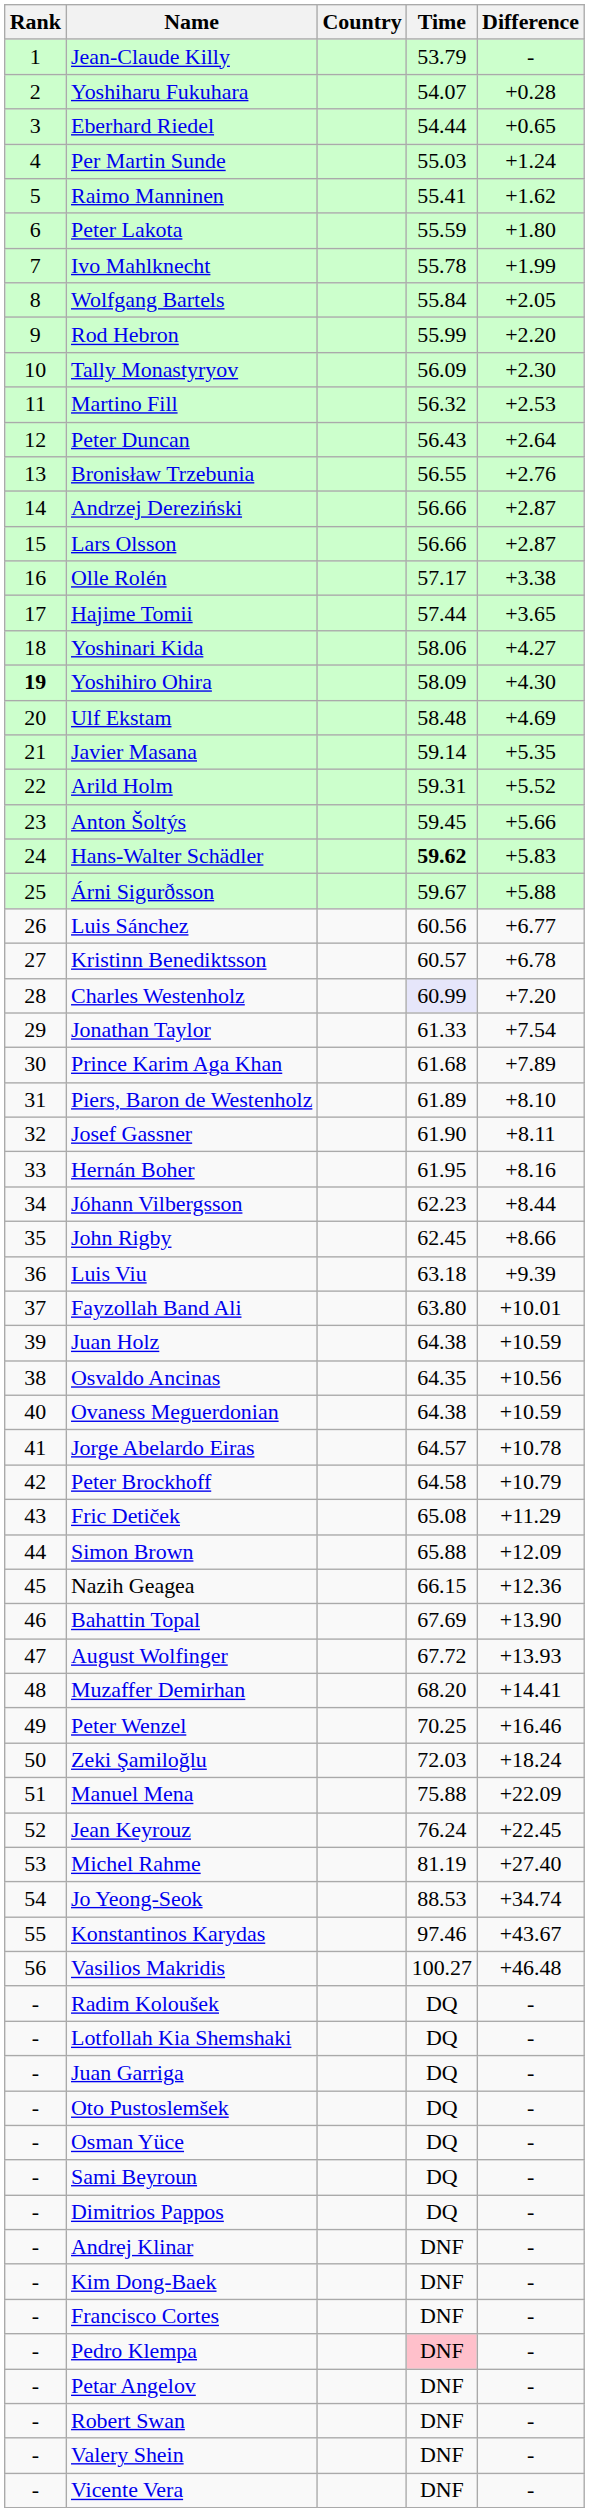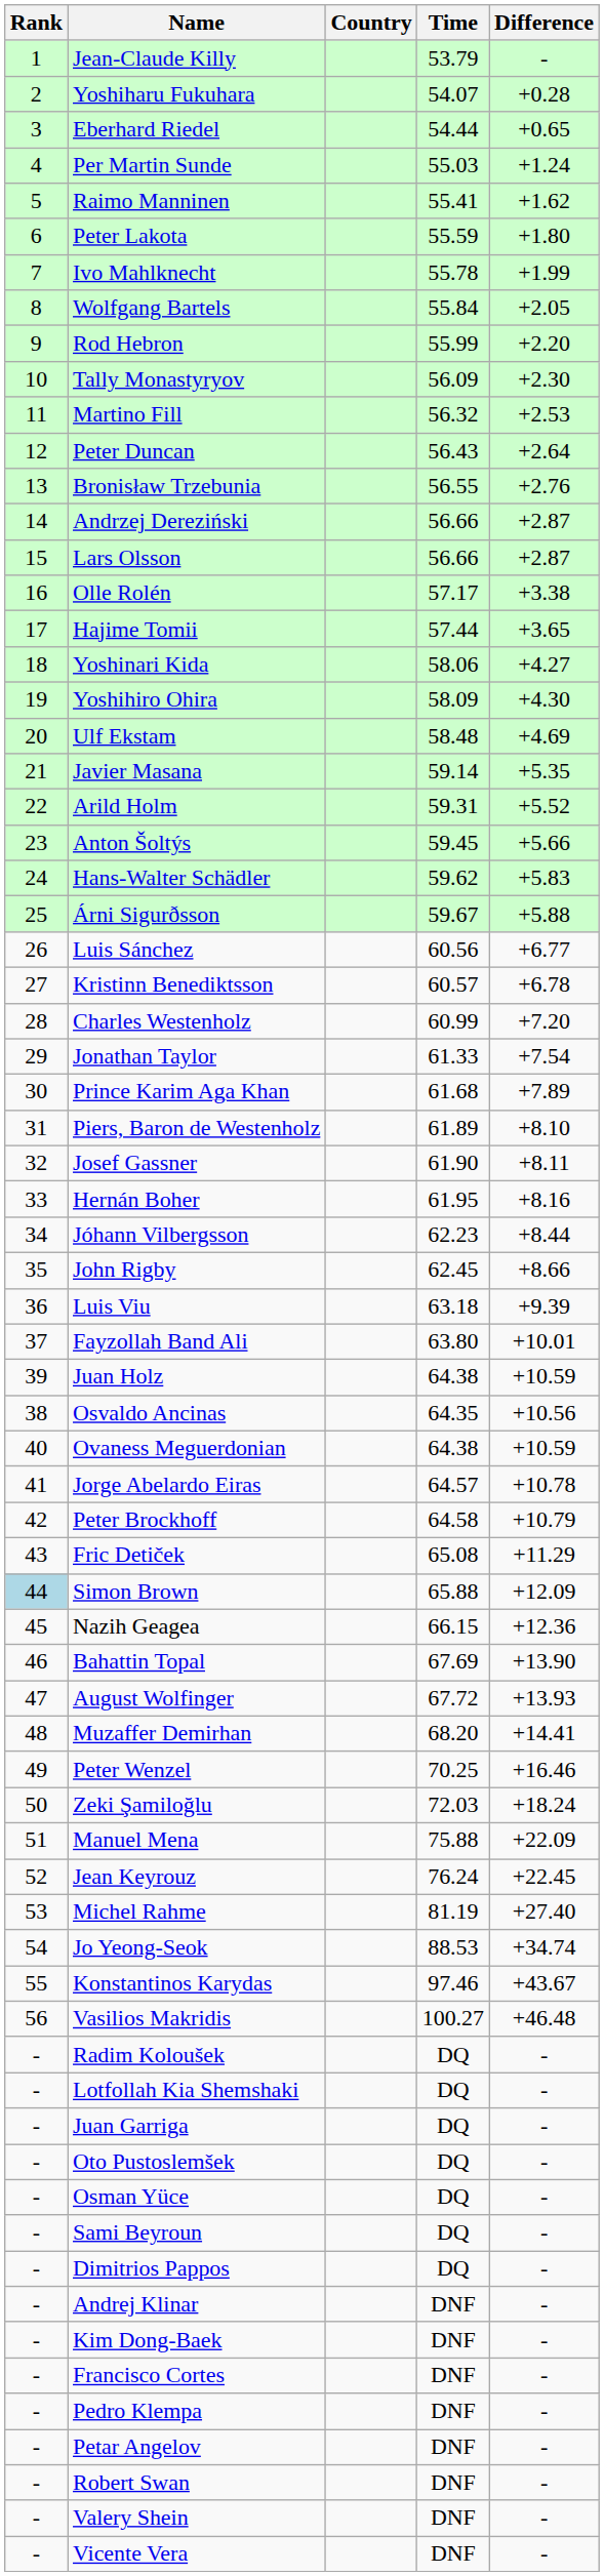 <table class="wikitable sortable" style="text-align:center">
 <tr>
 <th>Rank</th>
 <th>Name</th>
 <th>Country</th>
 <th>Time</th>
 <th>Difference</th>
 </tr>
 <tr style="background:#cfc;">
 <td>1</td>
 <td align=left><a href='#'>Jean-Claude Killy</a></td>
 <td align=left></td>
 <td>53.79</td>
 <td>-</td>
 </tr>
 <tr style="background:#cfc;">
 <td>2</td>
 <td align=left><a href='#'>Yoshiharu Fukuhara</a></td>
 <td align=left></td>
 <td>54.07</td>
 <td>+0.28</td>
 </tr>
 <tr style="background:#cfc;">
 <td>3</td>
 <td align=left><a href='#'>Eberhard Riedel</a></td>
 <td align=left></td>
 <td>54.44</td>
 <td>+0.65</td>
 </tr>
 <tr style="background:#cfc;">
 <td>4</td>
 <td align=left><a href='#'>Per Martin Sunde</a></td>
 <td align=left></td>
 <td>55.03</td>
 <td>+1.24</td>
 </tr>
 <tr style="background:#cfc;">
 <td>5</td>
 <td align=left><a href='#'>Raimo Manninen</a></td>
 <td align=left></td>
 <td>55.41</td>
 <td>+1.62</td>
 </tr>
 <tr style="background:#cfc;">
 <td>6</td>
 <td align=left><a href='#'>Peter Lakota</a></td>
 <td align=left></td>
 <td>55.59</td>
 <td>+1.80</td>
 </tr>
 <tr style="background:#cfc;">
 <td>7</td>
 <td align=left><a href='#'>Ivo Mahlknecht</a></td>
 <td align=left></td>
 <td>55.78</td>
 <td>+1.99</td>
 </tr>
 <tr style="background:#cfc;">
 <td>8</td>
 <td align=left><a href='#'>Wolfgang Bartels</a></td>
 <td align=left></td>
 <td>55.84</td>
 <td>+2.05</td>
 </tr>
 <tr style="background:#cfc;">
 <td>9</td>
 <td align=left><a href='#'>Rod Hebron</a></td>
 <td align=left></td>
 <td>55.99</td>
 <td>+2.20</td>
 </tr>
 <tr style="background:#cfc;">
 <td>10</td>
 <td align=left><a href='#'>Tally Monastyryov</a></td>
 <td align=left></td>
 <td>56.09</td>
 <td>+2.30</td>
 </tr>
 <tr style="background:#cfc;">
 <td>11</td>
 <td align=left><a href='#'>Martino Fill</a></td>
 <td align=left></td>
 <td>56.32</td>
 <td>+2.53</td>
 </tr>
 <tr style="background:#cfc;">
 <td>12</td>
 <td align=left><a href='#'>Peter Duncan</a></td>
 <td align=left></td>
 <td>56.43</td>
 <td>+2.64</td>
 </tr>
 <tr style="background:#cfc;">
 <td>13</td>
 <td align=left><a href='#'>Bronisław Trzebunia</a></td>
 <td align=left></td>
 <td>56.55</td>
 <td>+2.76</td>
 </tr>
 <tr style="background:#cfc;">
 <td>14</td>
 <td align=left><a href='#'>Andrzej Dereziński</a></td>
 <td align=left></td>
 <td>56.66</td>
 <td>+2.87</td>
 </tr>
 <tr style="background:#cfc;">
 <td>15</td>
 <td align=left><a href='#'>Lars Olsson</a></td>
 <td align=left></td>
 <td>56.66</td>
 <td>+2.87</td>
 </tr>
 <tr style="background:#cfc;">
 <td>16</td>
 <td align=left><a href='#'>Olle Rolén</a></td>
 <td align=left></td>
 <td>57.17</td>
 <td>+3.38</td>
 </tr>
 <tr style="background:#cfc;">
 <td>17</td>
 <td align=left><a href='#'>Hajime Tomii</a></td>
 <td align=left></td>
 <td>57.44</td>
 <td>+3.65</td>
 </tr>
 <tr style="background:#cfc;">
 <td>18</td>
 <td align=left><a href='#'>Yoshinari Kida</a></td>
 <td align=left></td>
 <td>58.06</td>
 <td>+4.27</td>
 </tr>
 <tr style="background:#cfc;">
-<td><strong>19</strong></td>
+<td>19</td>
 <td align=left><a href='#'>Yoshihiro Ohira</a></td>
 <td align=left></td>
 <td>58.09</td>
 <td>+4.30</td>
 </tr>
 <tr style="background:#cfc;">
 <td>20</td>
 <td align=left><a href='#'>Ulf Ekstam</a></td>
 <td align=left></td>
 <td>58.48</td>
 <td>+4.69</td>
 </tr>
 <tr style="background:#cfc;">
 <td>21</td>
 <td align=left><a href='#'>Javier Masana</a></td>
 <td align=left></td>
 <td>59.14</td>
 <td>+5.35</td>
 </tr>
 <tr style="background:#cfc;">
 <td>22</td>
 <td align=left><a href='#'>Arild Holm</a></td>
 <td align=left></td>
 <td>59.31</td>
 <td>+5.52</td>
 </tr>
 <tr style="background:#cfc;">
 <td>23</td>
 <td align=left><a href='#'>Anton Šoltýs</a></td>
 <td align=left></td>
 <td>59.45</td>
 <td>+5.66</td>
 </tr>
 <tr style="background:#cfc;">
 <td>24</td>
 <td align=left><a href='#'>Hans-Walter Schädler</a></td>
 <td align=left></td>
-<td><strong>59.62</strong></td>
+<td>59.62</td>
 <td>+5.83</td>
 </tr>
 <tr style="background:#cfc;">
 <td>25</td>
 <td align=left><a href='#'>Árni Sigurðsson</a></td>
 <td align=left></td>
 <td>59.67</td>
 <td>+5.88</td>
 </tr>
 <tr>
 <td>26</td>
 <td align=left><a href='#'>Luis Sánchez</a></td>
 <td align=left></td>
 <td>60.56</td>
 <td>+6.77</td>
 </tr>
 <tr>
 <td>27</td>
 <td align=left><a href='#'>Kristinn Benediktsson</a></td>
 <td align=left></td>
 <td>60.57</td>
 <td>+6.78</td>
 </tr>
 <tr>
 <td>28</td>
 <td align=left><a href='#'>Charles Westenholz</a></td>
 <td align=left></td>
-<td style="background: lavender;">60.99</td>
+<td>60.99</td>
 <td>+7.20</td>
 </tr>
 <tr>
 <td>29</td>
 <td align=left><a href='#'>Jonathan Taylor</a></td>
 <td align=left></td>
 <td>61.33</td>
 <td>+7.54</td>
 </tr>
 <tr>
 <td>30</td>
 <td align=left><a href='#'>Prince Karim Aga Khan</a></td>
 <td align=left></td>
 <td>61.68</td>
 <td>+7.89</td>
 </tr>
 <tr>
 <td>31</td>
 <td align=left><a href='#'>Piers, Baron de Westenholz</a></td>
 <td align=left></td>
 <td>61.89</td>
 <td>+8.10</td>
 </tr>
 <tr>
 <td>32</td>
 <td align=left><a href='#'>Josef Gassner</a></td>
 <td align=left></td>
 <td>61.90</td>
 <td>+8.11</td>
 </tr>
 <tr>
 <td>33</td>
 <td align=left><a href='#'>Hernán Boher</a></td>
 <td align=left></td>
 <td>61.95</td>
 <td>+8.16</td>
 </tr>
 <tr>
 <td>34</td>
 <td align=left><a href='#'>Jóhann Vilbergsson</a></td>
 <td align=left></td>
 <td>62.23</td>
 <td>+8.44</td>
 </tr>
 <tr>
 <td>35</td>
 <td align=left><a href='#'>John Rigby</a></td>
 <td align=left></td>
 <td>62.45</td>
 <td>+8.66</td>
 </tr>
 <tr>
 <td>36</td>
 <td align=left><a href='#'>Luis Viu</a></td>
 <td align=left></td>
 <td>63.18</td>
 <td>+9.39</td>
 </tr>
 <tr>
 <td>37</td>
 <td align=left><a href='#'>Fayzollah Band Ali</a></td>
 <td align=left></td>
 <td>63.80</td>
 <td>+10.01</td>
 </tr>
 <tr>
 <td>39</td>
 <td align=left><a href='#'>Juan Holz</a></td>
 <td align=left></td>
 <td>64.38</td>
 <td>+10.59</td>
 </tr>
 <tr>
 <td>38</td>
 <td align=left><a href='#'>Osvaldo Ancinas</a></td>
 <td align=left></td>
 <td>64.35</td>
 <td>+10.56</td>
 </tr>
 <tr>
 <td>40</td>
 <td align=left><a href='#'>Ovaness Meguerdonian</a></td>
 <td align=left></td>
 <td>64.38</td>
 <td>+10.59</td>
 </tr>
 <tr>
 <td>41</td>
 <td align=left><a href='#'>Jorge Abelardo Eiras</a></td>
 <td align=left></td>
 <td>64.57</td>
 <td>+10.78</td>
 </tr>
 <tr>
 <td>42</td>
 <td align=left><a href='#'>Peter Brockhoff</a></td>
 <td align=left></td>
 <td>64.58</td>
 <td>+10.79</td>
 </tr>
 <tr>
 <td>43</td>
 <td align=left><a href='#'>Fric Detiček</a></td>
 <td align=left></td>
 <td>65.08</td>
 <td>+11.29</td>
 </tr>
 <tr>
-<td>44</td>
+<td style="background: lightblue;">44</td>
 <td align=left><a href='#'>Simon Brown</a></td>
 <td align=left></td>
 <td>65.88</td>
 <td>+12.09</td>
 </tr>
 <tr>
 <td>45</td>
 <td align=left>Nazih Geagea</td>
 <td align=left></td>
 <td>66.15</td>
 <td>+12.36</td>
 </tr>
 <tr>
 <td>46</td>
 <td align=left><a href='#'>Bahattin Topal</a></td>
 <td align=left></td>
 <td>67.69</td>
 <td>+13.90</td>
 </tr>
 <tr>
 <td>47</td>
 <td align=left><a href='#'>August Wolfinger</a></td>
 <td align=left></td>
 <td>67.72</td>
 <td>+13.93</td>
 </tr>
 <tr>
 <td>48</td>
 <td align=left><a href='#'>Muzaffer Demirhan</a></td>
 <td align=left></td>
 <td>68.20</td>
 <td>+14.41</td>
 </tr>
 <tr>
 <td>49</td>
 <td align=left><a href='#'>Peter Wenzel</a></td>
 <td align=left></td>
 <td>70.25</td>
 <td>+16.46</td>
 </tr>
 <tr>
 <td>50</td>
 <td align=left><a href='#'>Zeki Şamiloğlu</a></td>
 <td align=left></td>
 <td>72.03</td>
 <td>+18.24</td>
 </tr>
 <tr>
 <td>51</td>
 <td align=left><a href='#'>Manuel Mena</a></td>
 <td align=left></td>
 <td>75.88</td>
 <td>+22.09</td>
 </tr>
 <tr>
 <td>52</td>
 <td align=left><a href='#'>Jean Keyrouz</a></td>
 <td align=left></td>
 <td>76.24</td>
 <td>+22.45</td>
 </tr>
 <tr>
 <td>53</td>
 <td align=left><a href='#'>Michel Rahme</a></td>
 <td align=left></td>
 <td>81.19</td>
 <td>+27.40</td>
 </tr>
 <tr>
 <td>54</td>
 <td align=left><a href='#'>Jo Yeong-Seok</a></td>
 <td align=left></td>
 <td>88.53</td>
 <td>+34.74</td>
 </tr>
 <tr>
 <td>55</td>
 <td align=left><a href='#'>Konstantinos Karydas</a></td>
 <td align=left></td>
 <td>97.46</td>
 <td>+43.67</td>
 </tr>
 <tr>
 <td>56</td>
 <td align=left><a href='#'>Vasilios Makridis</a></td>
 <td align=left></td>
 <td>100.27</td>
 <td>+46.48</td>
 </tr>
 <tr>
 <td>-</td>
 <td align=left><a href='#'>Radim Koloušek</a></td>
 <td align=left></td>
 <td>DQ</td>
 <td>-</td>
 </tr>
 <tr>
 <td>-</td>
 <td align=left><a href='#'>Lotfollah Kia Shemshaki</a></td>
 <td align=left></td>
 <td>DQ</td>
 <td>-</td>
 </tr>
 <tr>
 <td>-</td>
 <td align=left><a href='#'>Juan Garriga</a></td>
 <td align=left></td>
 <td>DQ</td>
 <td>-</td>
 </tr>
 <tr>
 <td>-</td>
 <td align=left><a href='#'>Oto Pustoslemšek</a></td>
 <td align=left></td>
 <td>DQ</td>
 <td>-</td>
 </tr>
 <tr>
 <td>-</td>
 <td align=left><a href='#'>Osman Yüce</a></td>
 <td align=left></td>
 <td>DQ</td>
 <td>-</td>
 </tr>
 <tr>
 <td>-</td>
 <td align=left><a href='#'>Sami Beyroun</a></td>
 <td align=left></td>
 <td>DQ</td>
 <td>-</td>
 </tr>
 <tr>
 <td>-</td>
 <td align=left><a href='#'>Dimitrios Pappos</a></td>
 <td align=left></td>
 <td>DQ</td>
 <td>-</td>
 </tr>
 <tr>
 <td>-</td>
 <td align=left><a href='#'>Andrej Klinar</a></td>
 <td align=left></td>
 <td>DNF</td>
 <td>-</td>
 </tr>
 <tr>
 <td>-</td>
 <td align=left><a href='#'>Kim Dong-Baek</a></td>
 <td align=left></td>
 <td>DNF</td>
 <td>-</td>
 </tr>
 <tr>
 <td>-</td>
 <td align=left><a href='#'>Francisco Cortes</a></td>
 <td align=left></td>
 <td>DNF</td>
 <td>-</td>
 </tr>
 <tr>
 <td>-</td>
 <td align=left><a href='#'>Pedro Klempa</a></td>
 <td align=left></td>
-<td style="background: pink;">DNF</td>
+<td>DNF</td>
 <td>-</td>
 </tr>
 <tr>
 <td>-</td>
 <td align=left><a href='#'>Petar Angelov</a></td>
 <td align=left></td>
 <td>DNF</td>
 <td>-</td>
 </tr>
 <tr>
 <td>-</td>
 <td align=left><a href='#'>Robert Swan</a></td>
 <td align=left></td>
 <td>DNF</td>
 <td>-</td>
 </tr>
 <tr>
 <td>-</td>
 <td align=left><a href='#'>Valery Shein</a></td>
 <td align=left></td>
 <td>DNF</td>
 <td>-</td>
 </tr>
 <tr>
 <td>-</td>
 <td align=left><a href='#'>Vicente Vera</a></td>
 <td align=left></td>
 <td>DNF</td>
 <td>-</td>
 </tr>
 </table>
